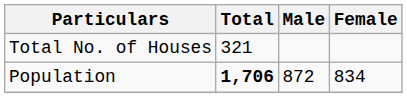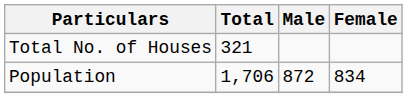 <table class="wikitable sortable">
 <tr>
 <th>Particulars</th>
 <th>Total</th>
 <th>Male</th>
 <th>Female</th>
 </tr>
 <tr>
 <td>Total No. of Houses</td>
 <td>321</td>
 <td></td>
 <td></td>
 </tr>
 <tr>
 <td>Population</td>
-<td><strong>1,706</strong></td>
+<td>1,706</td>
 <td>872</td>
 <td>834</td>
 </tr>
 <tr>
 </tr>
 </table>
